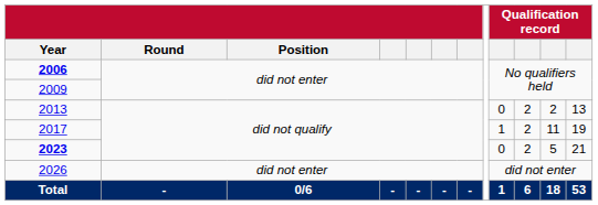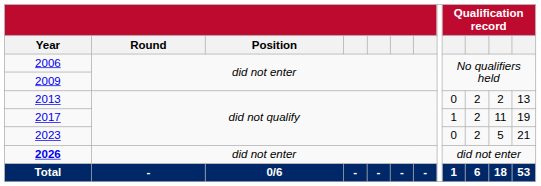 <table class="wikitable" style="text-align: center;">
 <tr>
 <th style="background:#BF0A30;" colspan="7"><a href='#'></a></th>
 <th style="background:white; width:1%;" rowspan="9"></th>
 <th style="background:#BF0A30; color:white;" colspan="5">Qualification record</th>
 </tr>
 <tr>
 <th>Year</th>
 <th>Round</th>
 <th>Position</th>
 <th width=25></th>
 <th width=25></th>
 <th width=25></th>
 <th width=25></th>
 <th width=25></th>
 <th width=25></th>
 <th width=25></th>
 <th width=25></th>
 </tr>
 <tr>
-<td><strong><a href='#'>2006</a></strong></td>
+<td><a href='#'>2006</a></td>
 <td colspan=6 rowspan=2><em>did not enter</em></td>
 <td colspan=4 rowspan=2 align=center><em>No qualifiers held</em></td>
 </tr>
 <tr>
 <td><a href='#'>2009</a></td>
 </tr>
 <tr>
 <td><a href='#'>2013</a></td>
 <td colspan=6 rowspan=3 align=center><em>did not qualify</em></td>
 <td>0</td>
 <td>2</td>
 <td>2</td>
 <td>13</td>
 </tr>
 <tr>
 <td><a href='#'>2017</a></td>
 <td>1</td>
 <td>2</td>
 <td>11</td>
 <td>19</td>
 </tr>
 <tr>
-<td><strong><a href='#'>2023</a></strong></td>
+<td><a href='#'>2023</a></td>
 <td>0</td>
 <td>2</td>
 <td>5</td>
 <td>21</td>
 </tr>
 <tr>
-<td><a href='#'>2026</a></td>
+<td><strong><a href='#'>2026</a></strong></td>
 <td colspan=6 align=center><em>did not enter</em></td>
 <td colspan=4 align=center><em>did not enter</em></td>
 </tr>
 <tr>
 <th style="color:white; background:#002868;"><strong>Total</strong></th>
 <th style="color:white; background:#002868;"><strong>-</strong></th>
 <th style="color:white; background:#002868;"><strong>0/6</strong></th>
 <th style="color:white; background:#002868;"><strong>-</strong></th>
 <th style="color:white; background:#002868;"><strong>-</strong></th>
 <th style="color:white; background:#002868;"><strong>-</strong></th>
 <th style="color:white; background:#002868;"><strong>-</strong></th>
 <th style="color:white; background:#002868;"><strong>1</strong></th>
 <th style="color:white; background:#002868;"><strong>6</strong></th>
 <th style="color:white; background:#002868;"><strong>18</strong></th>
 <th style="color:white; background:#002868;"><strong>53</strong></th>
 </tr>
 </table>
